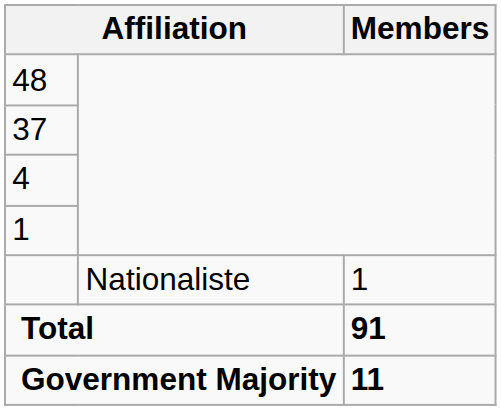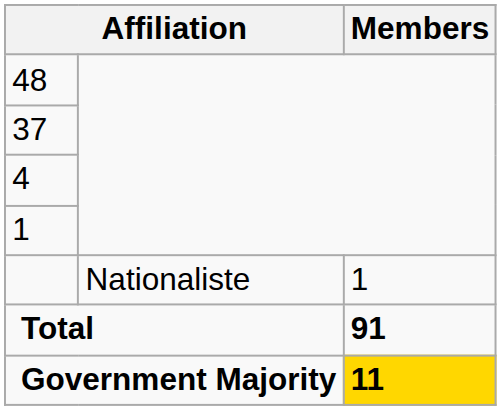 <table class="wikitable">
 <tr>
 <th colspan="2">Affiliation</th>
 <th>Members</th>
 </tr>
 <tr>
 <td>48</td>
 </tr>
 <tr>
 <td>37</td>
 </tr>
 <tr>
 <td>4</td>
 </tr>
 <tr>
 <td>1</td>
 </tr>
 <tr>
 <td></td>
 <td align=left>Nationaliste</td>
 <td>1</td>
 </tr>
 <tr>
 <td colspan="2" rowspan="1" align=left> <strong>Total</strong><br></td>
 <td><strong>91</strong></td>
 </tr>
 <tr>
 <td colspan="2" rowspan="1" align=left> <strong>Government Majority</strong><br></td>
-<td><strong>11</strong></td>
+<td style="background: gold;"><strong>11</strong></td>
 </tr>
 </table>
